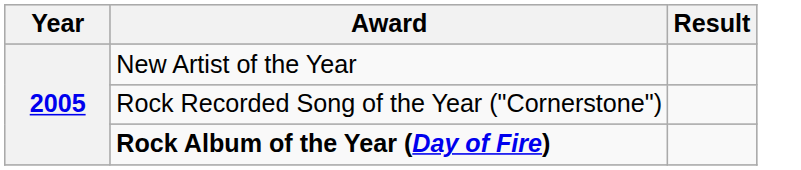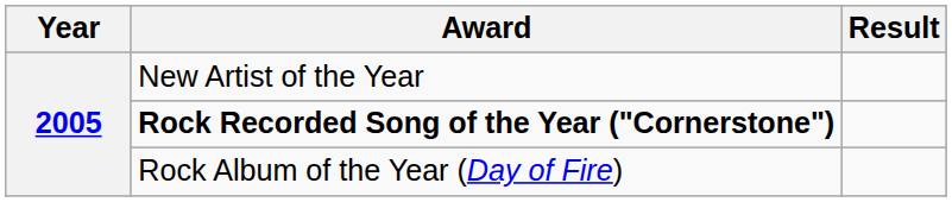 <table class="wikitable">
 <tr>
 <th width="60px">Year</th>
 <th>Award</th>
 <th>Result</th>
 </tr>
 <tr>
 <th rowspan="3"><a href='#'>2005</a></th>
 <td>New Artist of the Year</td>
 <td></td>
 </tr>
 <tr>
-<td>Rock Recorded Song of the Year ("Cornerstone")</td>
+<td><strong>Rock Recorded Song of the Year ("Cornerstone")</strong></td>
 <td></td>
 </tr>
 <tr>
-<td><strong>Rock Album of the Year (<em><a href='#'>Day of Fire</a></em>)</strong></td>
+<td>Rock Album of the Year (<em><a href='#'>Day of Fire</a></em>)</td>
 <td></td>
 </tr>
 </table>
